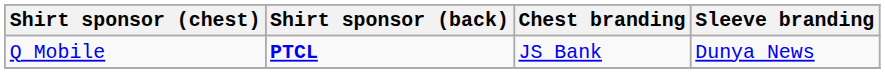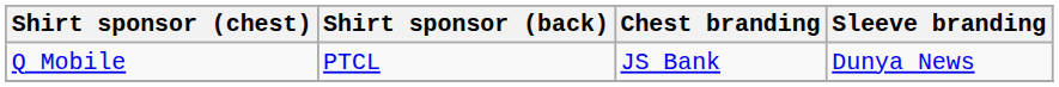 <table class="wikitable"  style="font-size:85%;">
 <tr>
 <th>Shirt sponsor (chest)</th>
 <th>Shirt sponsor (back)</th>
 <th>Chest branding</th>
 <th>Sleeve branding</th>
 </tr>
 <tr>
 <td><a href='#'>Q Mobile</a></td>
-<td><strong><a href='#'>PTCL</a></strong></td>
+<td><a href='#'>PTCL</a></td>
 <td><a href='#'>JS Bank</a></td>
 <td><a href='#'>Dunya News</a></td>
 </tr>
 <tr>
 </tr>
 </table>
